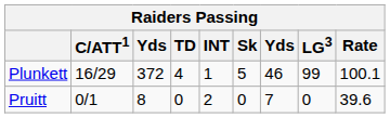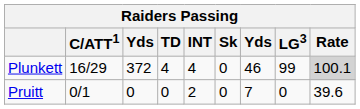 <table class="wikitable">
 <tr>
 <th colspan="9">Raiders Passing</th>
 </tr>
 <tr>
 <th></th>
 <th>C/ATT<sup>1</sup></th>
 <th>Yds</th>
 <th>TD</th>
 <th>INT</th>
 <th>Sk</th>
 <th>Yds</th>
 <th>LG<sup>3</sup></th>
 <th>Rate</th>
 </tr>
 <tr>
 <td><a href='#'>Plunkett</a></td>
 <td>16/29</td>
 <td>372</td>
 <td>4</td>
-<td>1</td>
-<td>5</td>
+<td>4</td>
+<td>0</td>
 <td>46</td>
 <td>99</td>
-<td>100.1</td>
+<td style="background: lightgrey;">100.1</td>
 </tr>
 <tr>
 <td><a href='#'>Pruitt</a></td>
 <td>0/1</td>
-<td>8</td>
+<td>0</td>
 <td>0</td>
 <td>2</td>
 <td>0</td>
 <td>7</td>
 <td>0</td>
 <td>39.6</td>
 </tr>
 </table>
